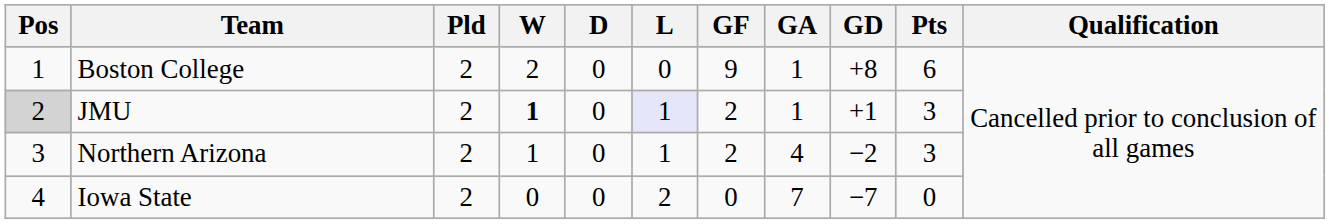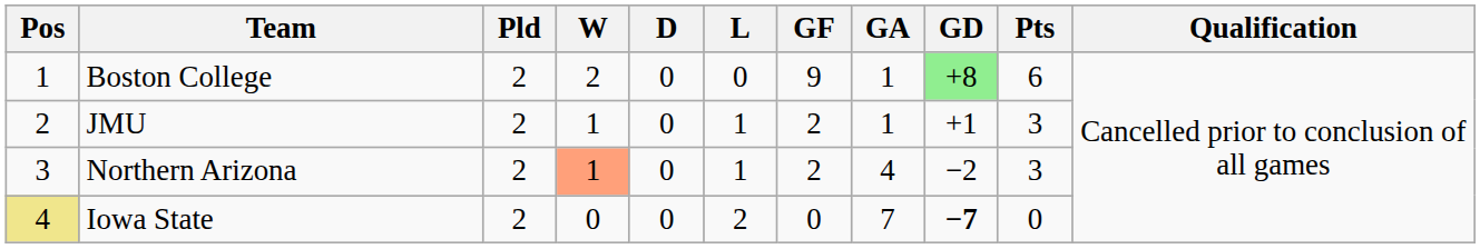 <table class="wikitable" style="text-align:center; margin: 1em auto">
 <tr>
 <th style="width:2em">Pos</th>
 <th style="width:13em">Team</th>
 <th style="width:2em">Pld</th>
 <th style="width:2em">W</th>
 <th style="width:2em">D</th>
 <th style="width:2em">L</th>
 <th style="width:2em">GF</th>
 <th style="width:2em">GA</th>
 <th style="width:2em">GD</th>
 <th style="width:2em">Pts</th>
 <th style="width:13em">Qualification</th>
 </tr>
 <tr>
 <td>1</td>
 <td style="text-align:left">Boston College</td>
 <td>2</td>
 <td>2</td>
 <td>0</td>
 <td>0</td>
 <td>9</td>
 <td>1</td>
-<td>+8</td>
+<td style="background: lightgreen;">+8</td>
 <td>6</td>
 <td rowspan="4">Cancelled prior to conclusion of all games</td>
 </tr>
 <tr>
-<td style="background: lightgrey;">2</td>
+<td>2</td>
 <td style="text-align:left">JMU</td>
 <td>2</td>
-<td><strong>1</strong></td>
+<td>1</td>
 <td>0</td>
-<td style="background: lavender;">1</td>
+<td>1</td>
 <td>2</td>
 <td>1</td>
 <td>+1</td>
 <td>3</td>
 </tr>
 <tr>
 <td>3</td>
 <td style="text-align:left">Northern Arizona</td>
 <td>2</td>
-<td>1</td>
+<td style="background: lightsalmon;">1</td>
 <td>0</td>
 <td>1</td>
 <td>2</td>
 <td>4</td>
 <td>−2</td>
 <td>3</td>
 </tr>
 <tr>
-<td>4</td>
+<td style="background: khaki;">4</td>
 <td style="text-align:left">Iowa State</td>
 <td>2</td>
 <td>0</td>
 <td>0</td>
 <td>2</td>
 <td>0</td>
 <td>7</td>
-<td>−7</td>
+<td><strong>−7</strong></td>
 <td>0</td>
 </tr>
 </table>
